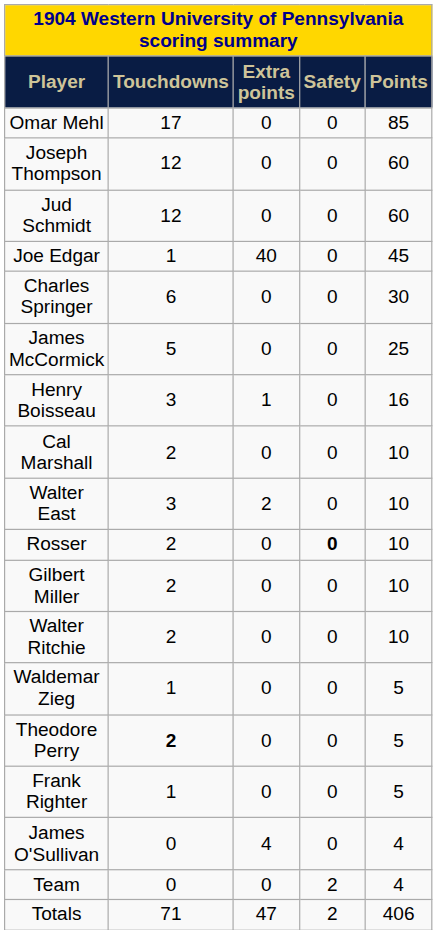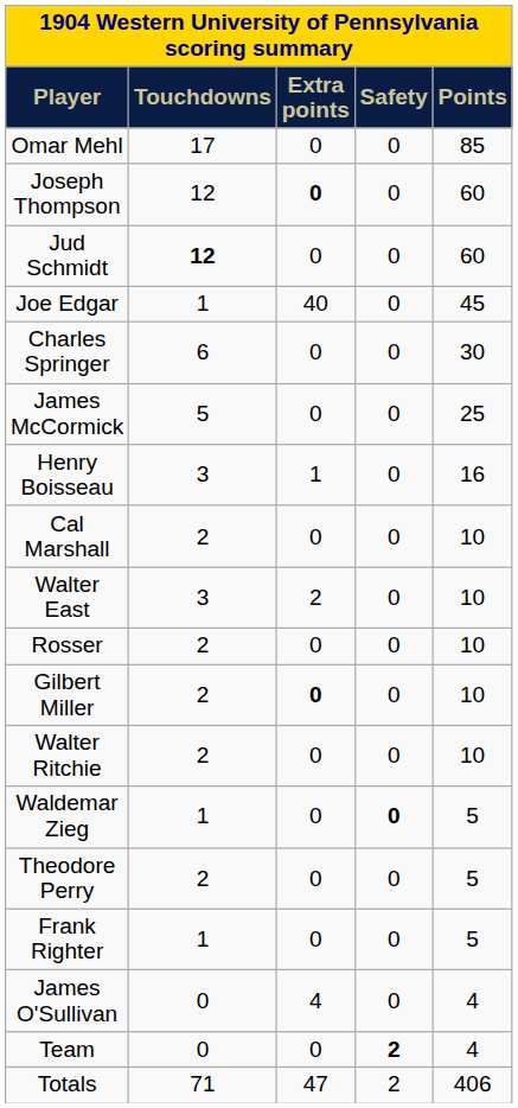 <table class="wikitable" width="30%">
 <tr>
 <th colspan="10" style="background:gold; color:darkblue; text-align: center;"><strong>1904 Western University of Pennsylvania scoring summary</strong></th>
 </tr>
 <tr align="center"  style="background:#091C44;color:#CEC499;">
 <td><strong>Player</strong></td>
 <td><strong>Touchdowns</strong></td>
 <td><strong>Extra points</strong></td>
 <td><strong>Safety</strong></td>
 <td><strong>Points</strong></td>
 </tr>
 <tr align="center" bgcolor="">
 <td>Omar Mehl</td>
 <td>17</td>
 <td>0</td>
 <td>0</td>
 <td>85</td>
 </tr>
 <tr align="center" bgcolor="">
 <td>Joseph Thompson</td>
 <td>12</td>
-<td>0</td>
+<td><strong>0</strong></td>
 <td>0</td>
 <td>60</td>
 </tr>
 <tr align="center" bgcolor="">
 <td>Jud Schmidt</td>
-<td>12</td>
+<td><strong>12</strong></td>
 <td>0</td>
 <td>0</td>
 <td>60</td>
 </tr>
 <tr align="center" bgcolor="">
 <td>Joe Edgar</td>
 <td>1</td>
 <td>40</td>
 <td>0</td>
 <td>45</td>
 </tr>
 <tr align="center" bgcolor="">
 <td>Charles Springer</td>
 <td>6</td>
 <td>0</td>
 <td>0</td>
 <td>30</td>
 </tr>
 <tr align="center" bgcolor="">
 <td>James McCormick</td>
 <td>5</td>
 <td>0</td>
 <td>0</td>
 <td>25</td>
 </tr>
 <tr align="center" bgcolor="">
 <td>Henry Boisseau</td>
 <td>3</td>
 <td>1</td>
 <td>0</td>
 <td>16</td>
 </tr>
 <tr align="center" bgcolor="">
 <td>Cal Marshall</td>
 <td>2</td>
 <td>0</td>
 <td>0</td>
 <td>10</td>
 </tr>
 <tr align="center" bgcolor="">
 <td>Walter East</td>
 <td>3</td>
 <td>2</td>
 <td>0</td>
 <td>10</td>
 </tr>
 <tr align="center" bgcolor="">
 <td>Rosser</td>
 <td>2</td>
 <td>0</td>
-<td><strong>0</strong></td>
+<td>0</td>
 <td>10</td>
 </tr>
 <tr align="center" bgcolor="">
 <td>Gilbert Miller</td>
 <td>2</td>
-<td>0</td>
+<td><strong>0</strong></td>
 <td>0</td>
 <td>10</td>
 </tr>
 <tr align="center" bgcolor="">
 <td>Walter Ritchie</td>
 <td>2</td>
 <td>0</td>
 <td>0</td>
 <td>10</td>
 </tr>
 <tr align="center" bgcolor="">
 <td>Waldemar Zieg</td>
 <td>1</td>
 <td>0</td>
-<td>0</td>
+<td><strong>0</strong></td>
 <td>5</td>
 </tr>
 <tr align="center" bgcolor="">
 <td>Theodore Perry</td>
-<td><strong>2</strong></td>
+<td>2</td>
 <td>0</td>
 <td>0</td>
 <td>5</td>
 </tr>
 <tr align="center" bgcolor="">
 <td>Frank Righter</td>
 <td>1</td>
 <td>0</td>
 <td>0</td>
 <td>5</td>
 </tr>
 <tr align="center" bgcolor="">
 <td>James O'Sullivan</td>
 <td>0</td>
 <td>4</td>
 <td>0</td>
 <td>4</td>
 </tr>
 <tr align="center" bgcolor="">
 <td>Team</td>
 <td>0</td>
 <td>0</td>
-<td>2</td>
+<td><strong>2</strong></td>
 <td>4</td>
 </tr>
 <tr align="center" bgcolor="">
 <td>Totals</td>
 <td>71</td>
 <td>47</td>
 <td>2</td>
 <td>406</td>
 </tr>
 <tr align="center" bgcolor="">
 </tr>
 </table>
